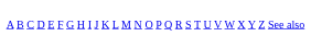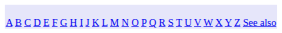 <table id="toc" class="toc" summary="Contents" style="margin:auto;">
 <tr>
 <th></th>
 </tr>
 <tr>
-<td style="text-align:center;"><br><a href='#'>A</a> <a href='#'>B</a> <a href='#'>C</a> <a href='#'>D</a> <a href='#'>E</a> <a href='#'>F</a> <a href='#'>G</a> <a href='#'>H</a> <a href='#'>I</a> <a href='#'>J</a> <a href='#'>K</a> <a href='#'>L</a> <a href='#'>M</a> <a href='#'>N</a> <a href='#'>O</a> <a href='#'>P</a> <a href='#'>Q</a> <a href='#'>R</a> <a href='#'>S</a> <a href='#'>T</a> <a href='#'>U</a> <a href='#'>V</a> <a href='#'>W</a> <a href='#'>X</a> <a href='#'>Y</a> <a href='#'>Z</a> <a href='#'>See also</a> </td>
+<td style="background: lavender; text-align:center;"><br><a href='#'>A</a> <a href='#'>B</a> <a href='#'>C</a> <a href='#'>D</a> <a href='#'>E</a> <a href='#'>F</a> <a href='#'>G</a> <a href='#'>H</a> <a href='#'>I</a> <a href='#'>J</a> <a href='#'>K</a> <a href='#'>L</a> <a href='#'>M</a> <a href='#'>N</a> <a href='#'>O</a> <a href='#'>P</a> <a href='#'>Q</a> <a href='#'>R</a> <a href='#'>S</a> <a href='#'>T</a> <a href='#'>U</a> <a href='#'>V</a> <a href='#'>W</a> <a href='#'>X</a> <a href='#'>Y</a> <a href='#'>Z</a> <a href='#'>See also</a> </td>
 </tr>
 </table>
